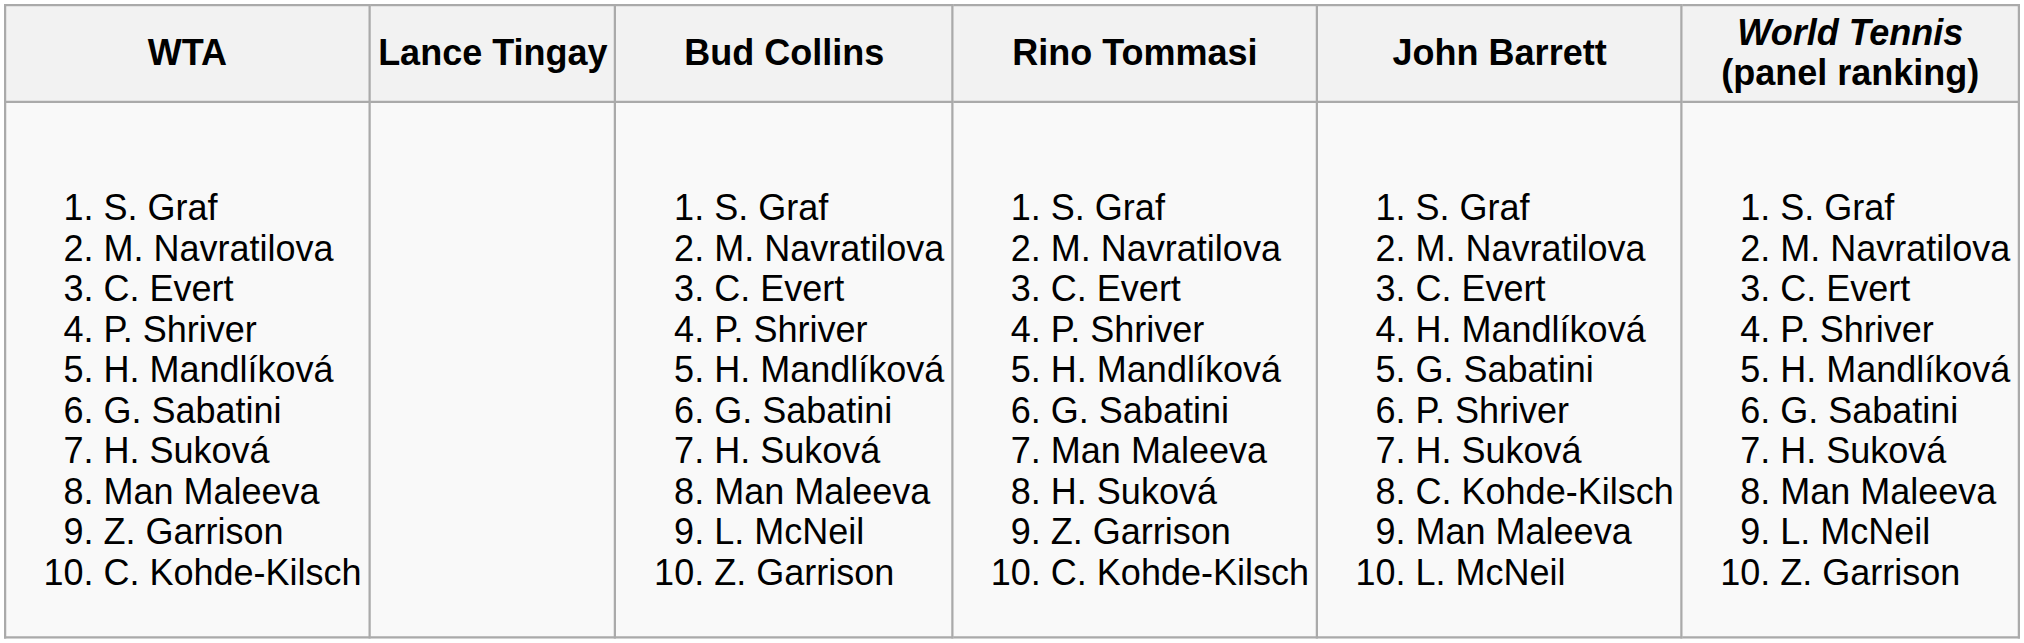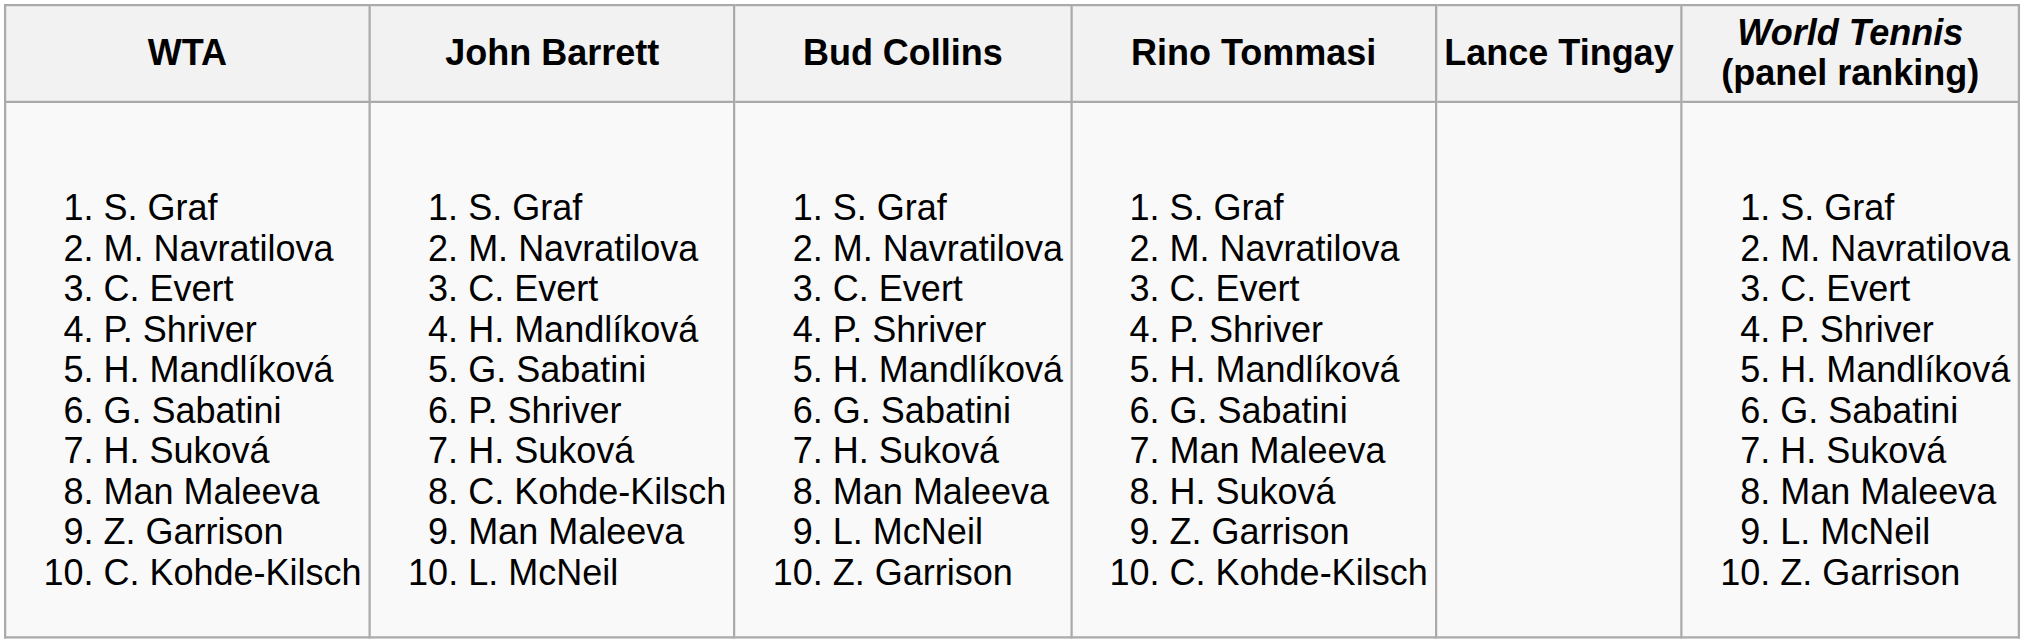 <table class="wikitable">
 <tr>
 <th>WTA</th>
-<th>Lance Tingay</th>
+<th>John Barrett</th>
 <th>Bud Collins</th>
 <th>Rino Tommasi</th>
-<th>John Barrett</th>
+<th>Lance Tingay</th>
 <th><em>World Tennis<br></em>(panel ranking)</th>
 </tr>
 <tr style="vertical-align: top;">
 <td style="white-space: nowrap;"><br><ol><li> S. Graf</li><li> M. Navratilova</li><li> C. Evert</li><li> P. Shriver</li><li> H. Mandlíková</li><li> G. Sabatini</li><li> H. Suková</li><li> Man Maleeva</li><li> Z. Garrison</li><li> C. Kohde-Kilsch</li></ol></td>
-<td></td>
+<td style="white-space: nowrap;"><br><ol><li> S. Graf</li><li> M. Navratilova</li><li> C. Evert</li><li> H. Mandlíková</li><li> G. Sabatini</li><li> P. Shriver</li><li> H. Suková</li><li> C. Kohde-Kilsch</li><li> Man Maleeva</li><li> L. McNeil</li></ol></td>
 <td style="white-space: nowrap;"><br><ol><li> S. Graf</li><li> M. Navratilova</li><li> C. Evert</li><li> P. Shriver</li><li> H. Mandlíková</li><li> G. Sabatini</li><li> H. Suková</li><li> Man Maleeva</li><li> L. McNeil</li><li> Z. Garrison</li></ol></td>
 <td style="white-space: nowrap;"><br><ol><li> S. Graf</li><li> M. Navratilova</li><li> C. Evert</li><li> P. Shriver</li><li> H. Mandlíková</li><li> G. Sabatini</li><li> Man Maleeva</li><li> H. Suková</li><li> Z. Garrison</li><li> C. Kohde-Kilsch</li></ol></td>
-<td style="white-space: nowrap;"><br><ol><li> S. Graf</li><li> M. Navratilova</li><li> C. Evert</li><li> H. Mandlíková</li><li> G. Sabatini</li><li> P. Shriver</li><li> H. Suková</li><li> C. Kohde-Kilsch</li><li> Man Maleeva</li><li> L. McNeil</li></ol></td>
+<td></td>
 <td style="white-space: nowrap;"><br><ol><li> S. Graf</li><li> M. Navratilova</li><li> C. Evert</li><li> P. Shriver</li><li> H. Mandlíková</li><li> G. Sabatini</li><li> H. Suková</li><li> Man Maleeva</li><li> L. McNeil</li><li> Z. Garrison</li></ol></td>
 </tr>
 </table>
